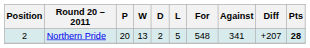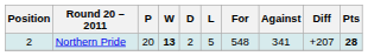 <table class="wikitable" style="text-align:center; font-size:85%;">
 <tr>
 <th width=40 abbr="Position">Position</th>
 <th width=100>Round 20 – 2011</th>
 <th width=20 abbr="Played">P</th>
 <th width=20 abbr="Won">W</th>
 <th width=20 abbr="Drawn">D</th>
 <th width=20 abbr="Lost">L</th>
 <th width=40 abbr="Points for">For</th>
 <th width=40 abbr="Points against">Against</th>
 <th width=40 abbr="Points difference">Diff</th>
 <th width=20 abbr="Points">Pts</th>
 </tr>
 <tr style="background: #d7ebed;">
 <td>2</td>
 <td style="text-align:left;"> <a href='#'>Northern Pride</a></td>
 <td>20</td>
-<td>13</td>
+<td><strong>13</strong></td>
 <td>2</td>
 <td>5</td>
 <td>548</td>
 <td>341</td>
 <td>+207</td>
 <td><strong>28</strong></td>
 </tr>
 <tr>
 </tr>
 </table>
